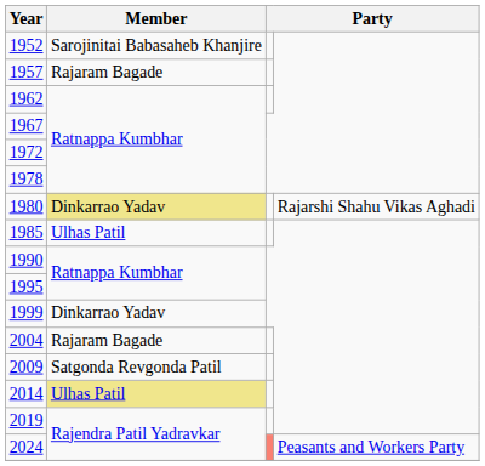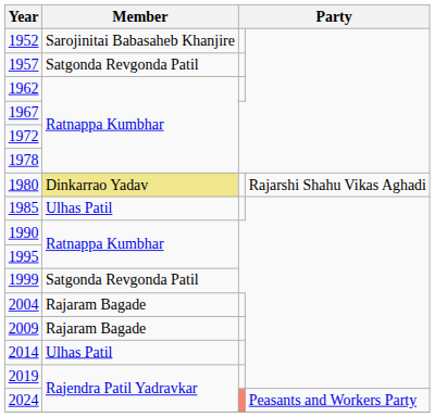 <table class="wikitable">
 <tr>
 <th>Year</th>
 <th>Member</th>
 <th colspan=2>Party</th>
 </tr>
 <tr>
 <td><a href='#'>1952</a></td>
 <td>Sarojinitai Babasaheb Khanjire</td>
 <td></td>
 </tr>
 <tr>
 <td><a href='#'>1957</a></td>
-<td>Rajaram Bagade</td>
+<td>Satgonda Revgonda Patil</td>
 <td></td>
 </tr>
 <tr>
 <td><a href='#'>1962</a></td>
 <td rowspan=4><a href='#'>Ratnappa Kumbhar</a></td>
 <td></td>
 </tr>
 <tr>
 <td><a href='#'>1967</a></td>
 </tr>
 <tr>
 <td><a href='#'>1972</a></td>
 </tr>
 <tr>
 <td><a href='#'>1978</a></td>
 </tr>
 <tr>
 <td><a href='#'>1980</a></td>
 <td style="background: khaki;">Dinkarrao Yadav</td>
 <td style="background-color: "></td>
 <td>Rajarshi Shahu Vikas Aghadi</td>
 </tr>
 <tr>
 <td><a href='#'>1985</a></td>
 <td><a href='#'>Ulhas Patil</a></td>
 <td></td>
 </tr>
 <tr>
 <td><a href='#'>1990</a></td>
 <td rowspan="2"><a href='#'>Ratnappa Kumbhar</a></td>
 </tr>
 <tr>
 <td><a href='#'>1995</a></td>
 </tr>
 <tr>
 <td><a href='#'>1999</a></td>
-<td>Dinkarrao Yadav</td>
+<td>Satgonda Revgonda Patil</td>
 </tr>
 <tr>
 <td><a href='#'>2004</a></td>
 <td>Rajaram Bagade</td>
 <td></td>
 </tr>
 <tr>
 <td><a href='#'>2009</a></td>
-<td>Satgonda Revgonda Patil</td>
+<td>Rajaram Bagade</td>
 <td></td>
 </tr>
 <tr>
 <td><a href='#'>2014</a></td>
-<td style="background: khaki;"><a href='#'>Ulhas Patil</a></td>
+<td><a href='#'>Ulhas Patil</a></td>
 <td></td>
 </tr>
 <tr>
 <td><a href='#'>2019</a></td>
 <td rowspan=2><a href='#'>Rajendra Patil Yadravkar</a></td>
 <td></td>
 </tr>
 <tr>
 <td><a href='#'>2024</a></td>
 <td bgcolor=Salmon></td>
 <td><a href='#'>Peasants and Workers Party</a></td>
 </tr>
 <tr>
 </tr>
 </table>
